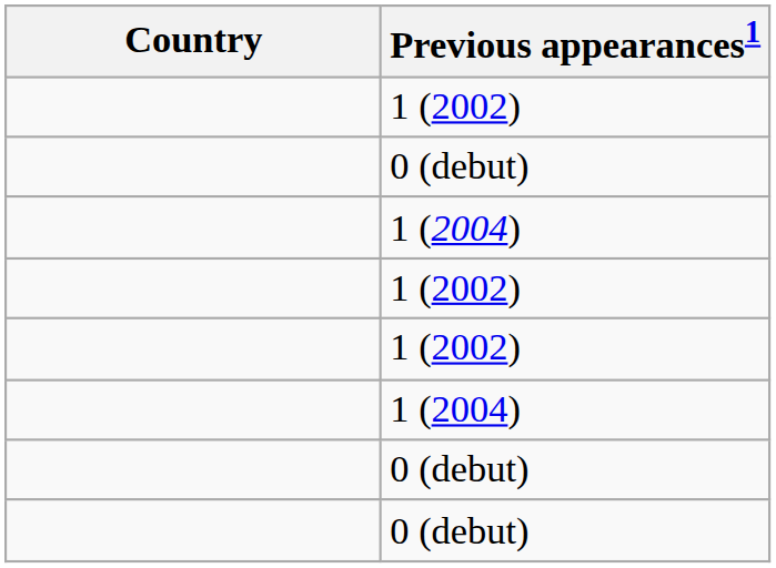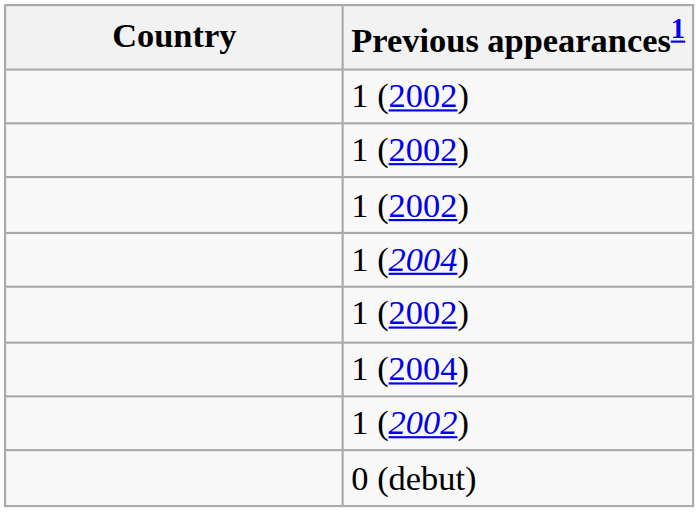 <table class="wikitable sortable">
 <tr>
 <th scope="col" style="width:150px;">Country</th>
 <th scope="col">Previous appearances<sup><strong><a href='#'>1</a></strong></sup></th>
 </tr>
 <tr>
 <td></td>
 <td>1 (<a href='#'>2002</a>)</td>
 </tr>
 <tr>
 <td></td>
-<td>0 (debut)</td>
+<td>1 (<a href='#'>2002</a>)</td>
+</tr>
+<tr>
+<td></td>
+<td>1 (<a href='#'>2002</a>)</td>
 </tr>
 <tr>
 <td></td>
 <td>1 (<em><a href='#'>2004</a></em>)</td>
 </tr>
 <tr>
 <td></td>
 <td>1 (<a href='#'>2002</a>)</td>
 </tr>
 <tr>
 <td></td>
-<td>1 (<a href='#'>2002</a>)</td>
-</tr>
-<tr>
-<td></td>
 <td>1 (<a href='#'>2004</a>)</td>
 </tr>
 <tr>
 <td></td>
-<td>0 (debut)</td>
+<td>1 (<em><a href='#'>2002</a></em>)</td>
 </tr>
 <tr>
 <td></td>
 <td>0 (debut)</td>
 </tr>
 </table>
